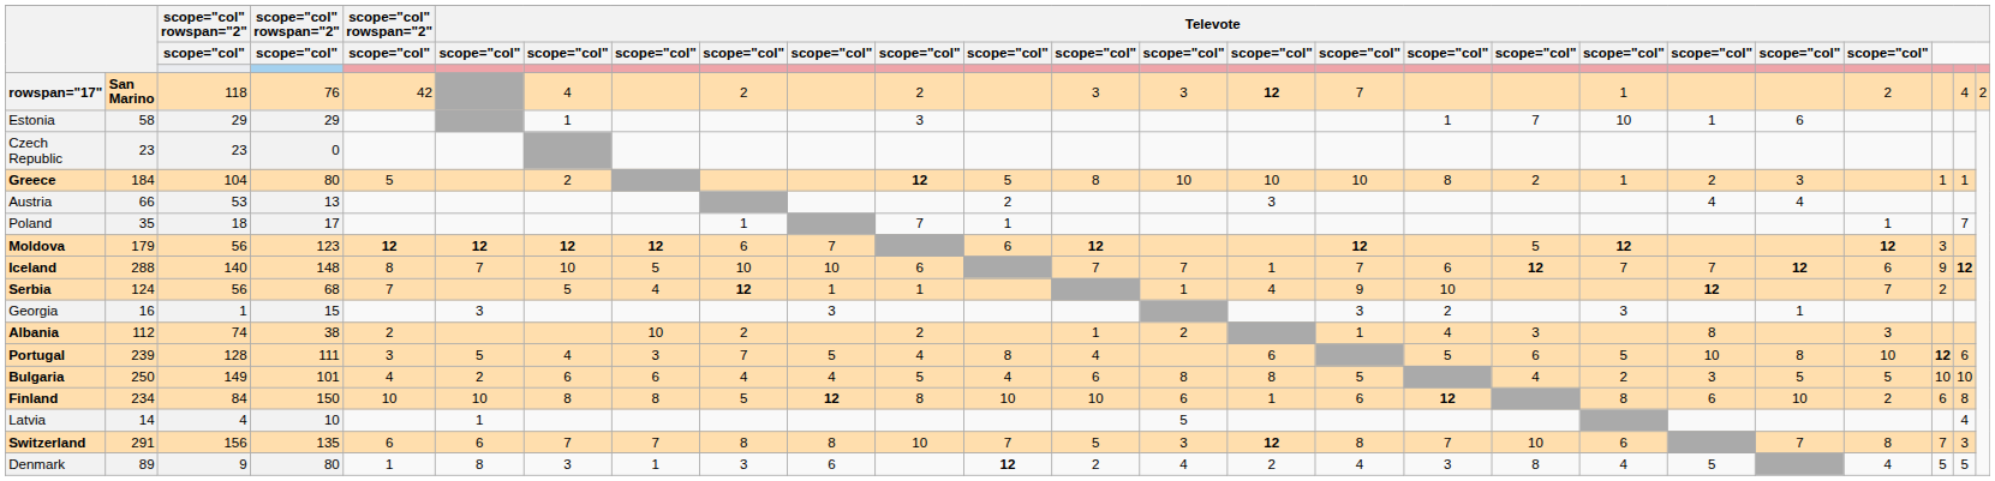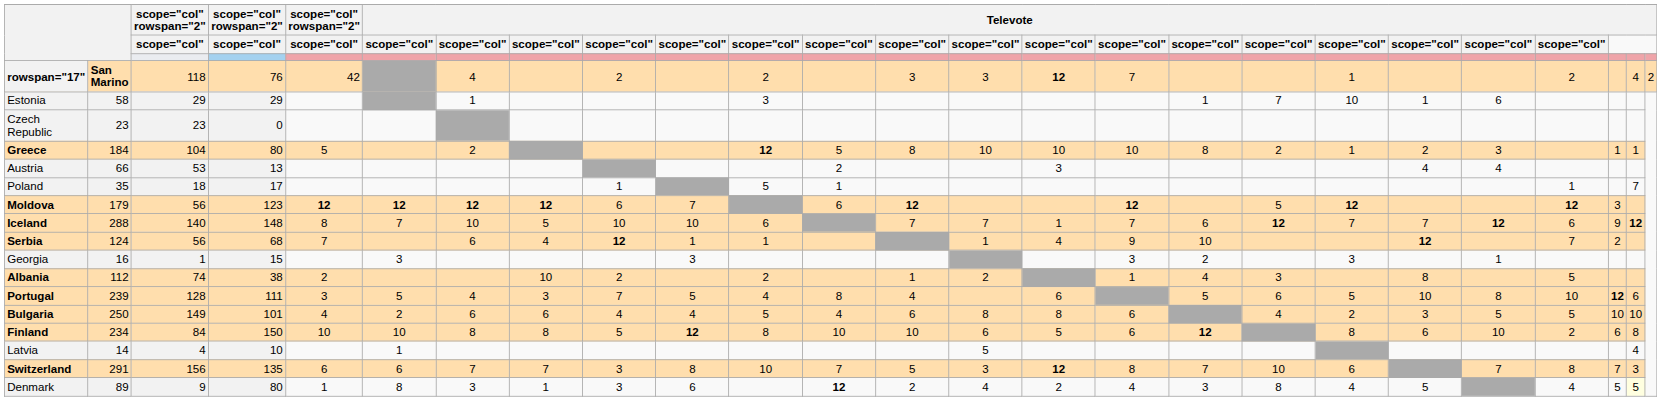 <table class="wikitable plainrowheaders" style="text-align:center; font-size:85%;">
 <tr>
 </tr>
 <tr>
 <td colspan="2" rowspan="3" style="background: #F2F2F2;"></td>
 <th>scope="col" rowspan="2" </th>
 <th>scope="col" rowspan="2" </th>
 <th>scope="col" rowspan="2" </th>
 <th scope="col" colspan="20">Televote</th>
 </tr>
 <tr>
 <th>scope="col" </th>
 <th>scope="col" </th>
 <th>scope="col" </th>
 <th>scope="col" </th>
 <th>scope="col" </th>
 <th>scope="col" </th>
 <th>scope="col" </th>
 <th>scope="col" </th>
 <th>scope="col" </th>
 <th>scope="col" </th>
 <th>scope="col" </th>
 <th>scope="col" </th>
 <th>scope="col" </th>
 <th>scope="col" </th>
 <th>scope="col" </th>
 <th>scope="col" </th>
 <th>scope="col" </th>
 <th>scope="col" </th>
 <th>scope="col" </th>
 <th>scope="col" </th>
 </tr>
 <tr>
 <td style="height:2px; background:#eaecf0; border-top:1px solid transparent;"></td>
 <td style="background:#A4D1EF;"></td>
 <td style="background:#EFA4A9;"></td>
 <th style="background:#EFA4A9;"></th>
 <th style="background:#EFA4A9;"></th>
 <th style="background:#EFA4A9;"></th>
 <th style="background:#EFA4A9;"></th>
 <th style="background:#EFA4A9;"></th>
 <th style="background:#EFA4A9;"></th>
 <th style="background:#EFA4A9;"></th>
 <th style="background:#EFA4A9;"></th>
 <th style="background:#EFA4A9;"></th>
 <th style="background:#EFA4A9;"></th>
 <th style="background:#EFA4A9;"></th>
 <th style="background:#EFA4A9;"></th>
 <th style="background:#EFA4A9;"></th>
 <th style="background:#EFA4A9;"></th>
 <th style="background:#EFA4A9;"></th>
 <th style="background:#EFA4A9;"></th>
 <th style="background:#EFA4A9;"></th>
 <th style="background:#EFA4A9;"></th>
 <th style="background:#EFA4A9;"></th>
 <th style="background:#EFA4A9;"></th>
 </tr>
 <tr style="background:#ffdead;">
 <th>rowspan="17" </th>
 <td scope="row" style="text-align:left; font-weight:bold; background:#ffdead;">San Marino</td>
 <td style="text-align:right;">118</td>
 <td style="text-align:right;">76</td>
 <td style="text-align:right;">42</td>
 <td style="text-align:left; background:#aaa;"></td>
 <td>4</td>
 <td></td>
 <td>2</td>
 <td></td>
 <td>2</td>
 <td></td>
 <td>3</td>
 <td>3</td>
 <td><strong>12</strong></td>
 <td>7</td>
 <td></td>
 <td></td>
 <td>1</td>
 <td></td>
 <td></td>
 <td>2</td>
 <td></td>
 <td>4</td>
 <td>2</td>
 </tr>
 <tr>
 <td scope="row" style="text-align:left; background:#f2f2f2;">Estonia</td>
 <td style="text-align:right; background:#f2f2f2;">58</td>
 <td style="text-align:right; background:#f2f2f2;">29</td>
 <td style="text-align:right; background:#f2f2f2;">29</td>
 <td></td>
 <td style="text-align:left; background:#aaa;"></td>
 <td>1</td>
 <td></td>
 <td></td>
 <td></td>
 <td>3</td>
 <td></td>
 <td></td>
 <td></td>
 <td></td>
 <td></td>
 <td>1</td>
 <td>7</td>
 <td>10</td>
 <td>1</td>
 <td>6</td>
 <td></td>
 <td></td>
 <td></td>
 </tr>
 <tr>
 <td scope="row" style="text-align:left; background:#f2f2f2;">Czech Republic</td>
 <td style="text-align:right; background:#f2f2f2;">23</td>
 <td style="text-align:right; background:#f2f2f2;">23</td>
 <td style="text-align:right; background:#f2f2f2;">0</td>
 <td></td>
 <td></td>
 <td style="text-align:left; background:#aaa;"></td>
 <td></td>
 <td></td>
 <td></td>
 <td></td>
 <td></td>
 <td></td>
 <td></td>
 <td></td>
 <td></td>
 <td></td>
 <td></td>
 <td></td>
 <td></td>
 <td></td>
 <td></td>
 <td></td>
 <td></td>
 </tr>
 <tr style="background:#ffdead;">
 <td scope="row" style="text-align:left; font-weight:bold; background:#ffdead;">Greece</td>
 <td style="text-align:right;">184</td>
 <td style="text-align:right;">104</td>
 <td style="text-align:right;">80</td>
 <td>5</td>
 <td></td>
 <td>2</td>
 <td style="text-align:left; background:#aaa;"></td>
 <td></td>
 <td></td>
 <td><strong>12</strong></td>
 <td>5</td>
 <td>8</td>
 <td>10</td>
 <td>10</td>
 <td>10</td>
 <td>8</td>
 <td>2</td>
 <td>1</td>
 <td>2</td>
 <td>3</td>
 <td></td>
 <td>1</td>
 <td>1</td>
 </tr>
 <tr>
 <td scope="row" style="text-align:left; background:#f2f2f2;">Austria</td>
 <td style="text-align:right; background:#f2f2f2;">66</td>
 <td style="text-align:right; background:#f2f2f2;">53</td>
 <td style="text-align:right; background:#f2f2f2;">13</td>
 <td></td>
 <td></td>
 <td></td>
 <td></td>
 <td style="text-align:left; background:#aaa;"></td>
 <td></td>
 <td></td>
 <td>2</td>
 <td></td>
 <td></td>
 <td>3</td>
 <td></td>
 <td></td>
 <td></td>
 <td></td>
 <td>4</td>
 <td>4</td>
 <td></td>
 <td></td>
 <td></td>
 </tr>
 <tr>
 <td scope="row" style="text-align:left; background:#f2f2f2;">Poland</td>
 <td style="text-align:right; background:#f2f2f2;">35</td>
 <td style="text-align:right; background:#f2f2f2;">18</td>
 <td style="text-align:right; background:#f2f2f2;">17</td>
 <td></td>
 <td></td>
 <td></td>
 <td></td>
 <td>1</td>
 <td style="text-align:left; background:#aaa;"></td>
-<td>7</td>
+<td>5</td>
 <td>1</td>
 <td></td>
 <td></td>
 <td></td>
 <td></td>
 <td></td>
 <td></td>
 <td></td>
 <td></td>
 <td></td>
 <td>1</td>
 <td></td>
 <td>7</td>
 </tr>
 <tr style="background:#ffdead;">
 <td scope="row" style="text-align:left; font-weight:bold; background:#ffdead;">Moldova</td>
 <td style="text-align:right;">179</td>
 <td style="text-align:right;">56</td>
 <td style="text-align:right;">123</td>
 <td><strong>12</strong></td>
 <td><strong>12</strong></td>
 <td><strong>12</strong></td>
 <td><strong>12</strong></td>
 <td>6</td>
 <td>7</td>
 <td style="text-align:left; background:#aaa;"></td>
 <td>6</td>
 <td><strong>12</strong></td>
 <td></td>
 <td></td>
 <td><strong>12</strong></td>
 <td></td>
 <td>5</td>
 <td><strong>12</strong></td>
 <td></td>
 <td></td>
 <td><strong>12</strong></td>
 <td>3</td>
 <td></td>
 </tr>
 <tr style="background:#ffdead;">
 <td scope="row" style="text-align:left; font-weight:bold; background:#ffdead;">Iceland</td>
 <td style="text-align:right;">288</td>
 <td style="text-align:right;">140</td>
 <td style="text-align:right;">148</td>
 <td>8</td>
 <td>7</td>
 <td>10</td>
 <td>5</td>
 <td>10</td>
 <td>10</td>
 <td>6</td>
 <td style="text-align:left; background:#aaa;"></td>
 <td>7</td>
 <td>7</td>
 <td>1</td>
 <td>7</td>
 <td>6</td>
 <td><strong>12</strong></td>
 <td>7</td>
 <td>7</td>
 <td><strong>12</strong></td>
 <td>6</td>
 <td>9</td>
 <td><strong>12</strong></td>
 </tr>
 <tr style="background:#ffdead;">
 <td scope="row" style="text-align:left; font-weight:bold; background:#ffdead;">Serbia</td>
 <td style="text-align:right;">124</td>
 <td style="text-align:right;">56</td>
 <td style="text-align:right;">68</td>
 <td>7</td>
 <td></td>
-<td>5</td>
+<td>6</td>
 <td>4</td>
 <td><strong>12</strong></td>
 <td>1</td>
 <td>1</td>
 <td></td>
 <td style="text-align:left; background:#aaa;"></td>
 <td>1</td>
 <td>4</td>
 <td>9</td>
 <td>10</td>
 <td></td>
 <td></td>
 <td><strong>12</strong></td>
 <td></td>
 <td>7</td>
 <td>2</td>
 <td></td>
 </tr>
 <tr>
 <td scope="row" style="text-align:left; background:#f2f2f2;">Georgia</td>
 <td style="text-align:right; background:#f2f2f2;">16</td>
 <td style="text-align:right; background:#f2f2f2;">1</td>
 <td style="text-align:right; background:#f2f2f2;">15</td>
 <td></td>
 <td>3</td>
 <td></td>
 <td></td>
 <td></td>
 <td>3</td>
 <td></td>
 <td></td>
 <td></td>
 <td style="text-align:left; background:#aaa;"></td>
 <td></td>
 <td>3</td>
 <td>2</td>
 <td></td>
 <td>3</td>
 <td></td>
 <td>1</td>
 <td></td>
 <td></td>
 <td></td>
 </tr>
 <tr style="background:#ffdead;">
 <td scope="row" style="text-align:left; font-weight:bold; background:#ffdead;">Albania</td>
 <td style="text-align:right;">112</td>
 <td style="text-align:right;">74</td>
 <td style="text-align:right;">38</td>
 <td>2</td>
 <td></td>
 <td></td>
 <td>10</td>
 <td>2</td>
 <td></td>
 <td>2</td>
 <td></td>
 <td>1</td>
 <td>2</td>
 <td style="text-align:left; background:#aaa;"></td>
 <td>1</td>
 <td>4</td>
 <td>3</td>
 <td></td>
 <td>8</td>
 <td></td>
-<td>3</td>
+<td>5</td>
 <td></td>
 <td></td>
 </tr>
 <tr style="background:#ffdead;">
 <td scope="row" style="text-align:left; font-weight:bold; background:#ffdead;">Portugal</td>
 <td style="text-align:right;">239</td>
 <td style="text-align:right;">128</td>
 <td style="text-align:right;">111</td>
 <td>3</td>
 <td>5</td>
 <td>4</td>
 <td>3</td>
 <td>7</td>
 <td>5</td>
 <td>4</td>
 <td>8</td>
 <td>4</td>
 <td></td>
 <td>6</td>
 <td style="text-align:left; background:#aaa;"></td>
 <td>5</td>
 <td>6</td>
 <td>5</td>
 <td>10</td>
 <td>8</td>
 <td>10</td>
 <td><strong>12</strong></td>
 <td>6</td>
 </tr>
 <tr style="background:#ffdead;">
 <td scope="row" style="text-align:left; font-weight:bold; background:#ffdead;">Bulgaria</td>
 <td style="text-align:right;">250</td>
 <td style="text-align:right;">149</td>
 <td style="text-align:right;">101</td>
 <td>4</td>
 <td>2</td>
 <td>6</td>
 <td>6</td>
 <td>4</td>
 <td>4</td>
 <td>5</td>
 <td>4</td>
 <td>6</td>
 <td>8</td>
 <td>8</td>
-<td>5</td>
+<td>6</td>
 <td style="text-align:left; background:#aaa;"></td>
 <td>4</td>
 <td>2</td>
 <td>3</td>
 <td>5</td>
 <td>5</td>
 <td>10</td>
 <td>10</td>
 </tr>
 <tr style="background:#ffdead;">
 <td scope="row" style="text-align:left; font-weight:bold; background:#ffdead;">Finland</td>
 <td style="text-align:right;">234</td>
 <td style="text-align:right;">84</td>
 <td style="text-align:right;">150</td>
 <td>10</td>
 <td>10</td>
 <td>8</td>
 <td>8</td>
 <td>5</td>
 <td><strong>12</strong></td>
 <td>8</td>
 <td>10</td>
 <td>10</td>
 <td>6</td>
-<td>1</td>
+<td>5</td>
 <td>6</td>
 <td><strong>12</strong></td>
 <td style="text-align:left; background:#aaa;"></td>
 <td>8</td>
 <td>6</td>
 <td>10</td>
 <td>2</td>
 <td>6</td>
 <td>8</td>
 </tr>
 <tr>
 <td scope="row" style="text-align:left; background:#f2f2f2;">Latvia</td>
 <td style="text-align:right; background:#f2f2f2;">14</td>
 <td style="text-align:right; background:#f2f2f2;">4</td>
 <td style="text-align:right; background:#f2f2f2;">10</td>
 <td></td>
 <td>1</td>
 <td></td>
 <td></td>
 <td></td>
 <td></td>
 <td></td>
 <td></td>
 <td></td>
 <td>5</td>
 <td></td>
 <td></td>
 <td></td>
 <td></td>
 <td style="text-align:left; background:#aaa;"></td>
 <td></td>
 <td></td>
 <td></td>
 <td></td>
 <td>4</td>
 </tr>
 <tr style="background:#ffdead;">
 <td scope="row" style="text-align:left; font-weight:bold; background:#ffdead;">Switzerland</td>
 <td style="text-align:right;">291</td>
 <td style="text-align:right;">156</td>
 <td style="text-align:right;">135</td>
 <td>6</td>
 <td>6</td>
 <td>7</td>
 <td>7</td>
-<td>8</td>
+<td>3</td>
 <td>8</td>
 <td>10</td>
 <td>7</td>
 <td>5</td>
 <td>3</td>
 <td><strong>12</strong></td>
 <td>8</td>
 <td>7</td>
 <td>10</td>
 <td>6</td>
 <td style="text-align:left; background:#aaa;"></td>
 <td>7</td>
 <td>8</td>
 <td>7</td>
 <td>3</td>
 </tr>
 <tr>
 <td scope="row" style="text-align:left; background:#f2f2f2;">Denmark</td>
 <td style="text-align:right; background:#f2f2f2;">89</td>
 <td style="text-align:right; background:#f2f2f2;">9</td>
 <td style="text-align:right; background:#f2f2f2;">80</td>
 <td>1</td>
 <td>8</td>
 <td>3</td>
 <td>1</td>
 <td>3</td>
 <td>6</td>
 <td></td>
 <td><strong>12</strong></td>
 <td>2</td>
 <td>4</td>
 <td>2</td>
 <td>4</td>
 <td>3</td>
 <td>8</td>
 <td>4</td>
 <td>5</td>
 <td style="text-align:left; background:#aaa;"></td>
 <td>4</td>
 <td>5</td>
-<td>5</td>
+<td style="background: lightyellow;">5</td>
 </tr>
 </table>
